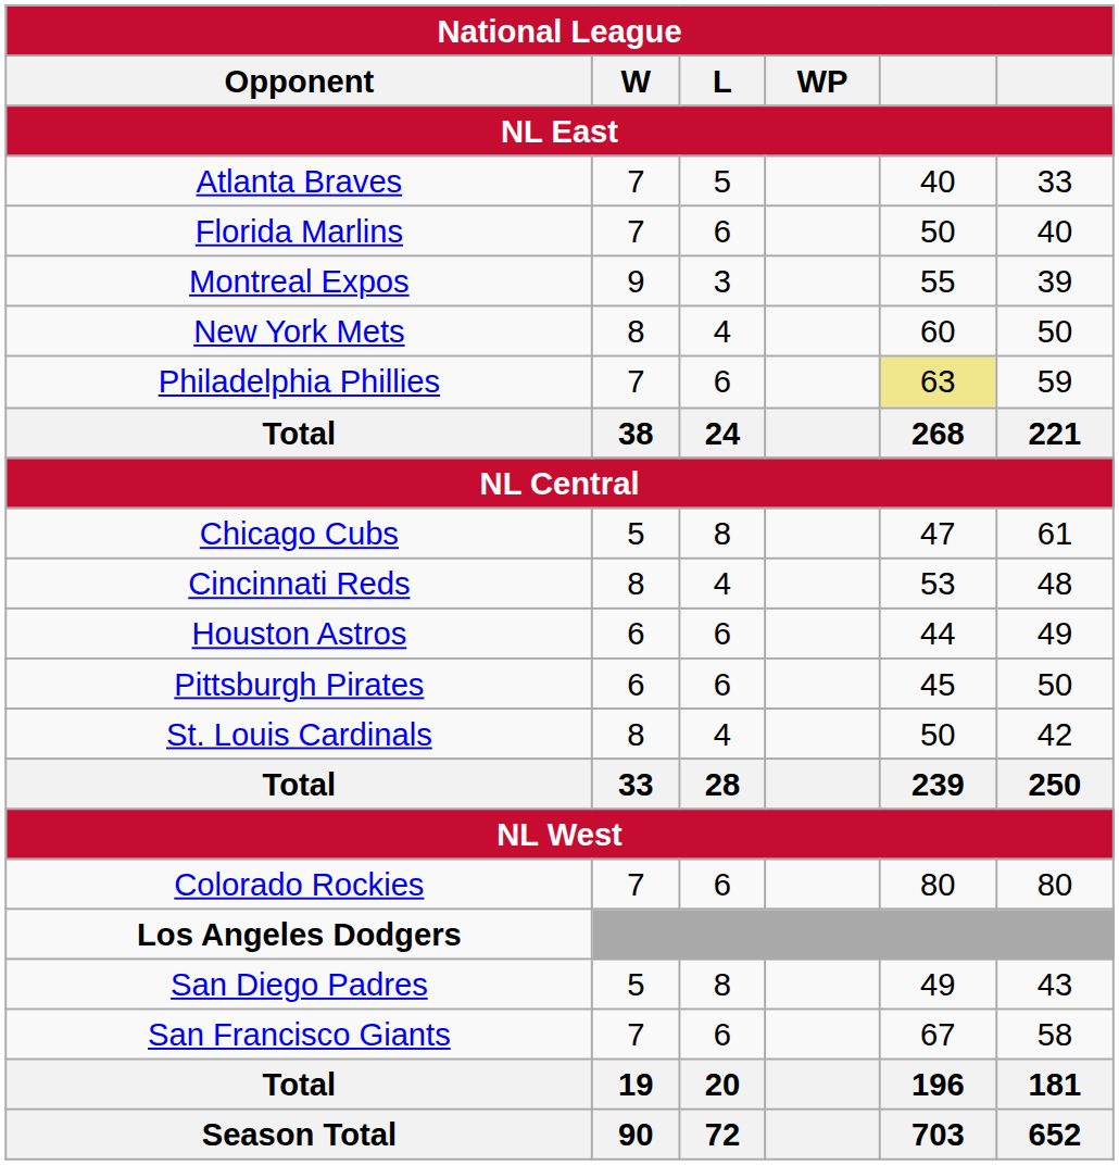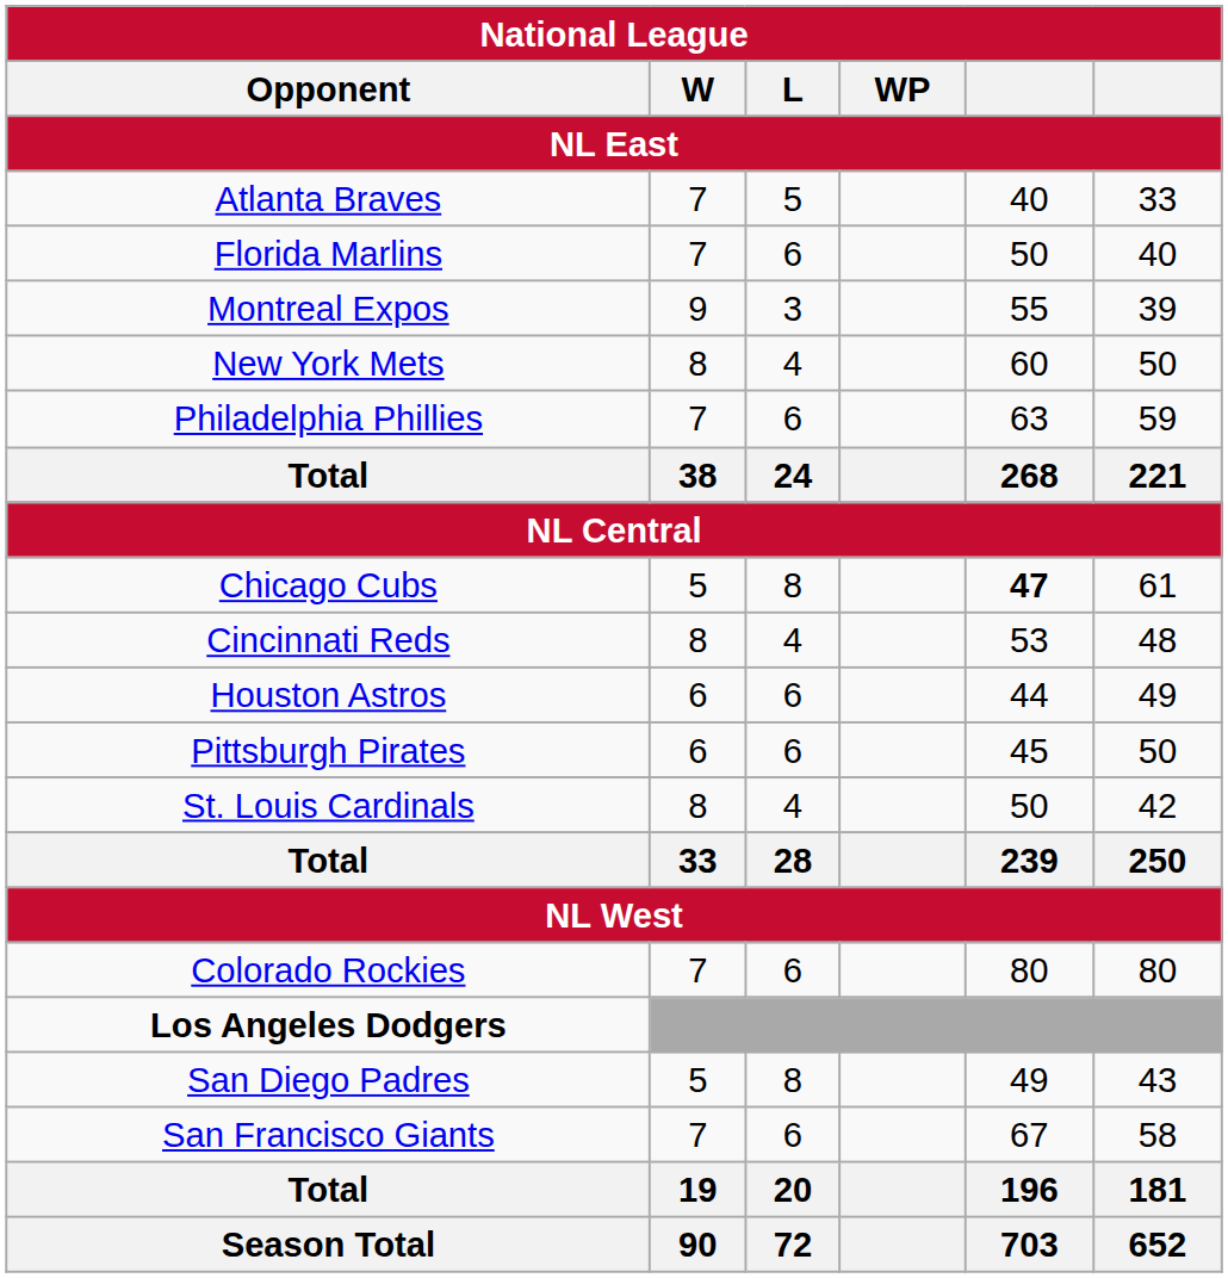 <table class="wikitable" style="margin:1em auto; font-size:95%; text-align:center; width:35em;">
 <tr>
 <th colspan="7" style="background:#c60c30; color:#ffffff;">National League</th>
 </tr>
 <tr>
 <th>Opponent</th>
 <th>W</th>
 <th>L</th>
 <th>WP</th>
 <th></th>
 <th></th>
 </tr>
 <tr>
 <th colspan="7" style="background:#c60c30; color:#ffffff;">NL East</th>
 </tr>
 <tr>
 <td><a href='#'>Atlanta Braves</a></td>
 <td>7</td>
 <td>5</td>
 <td></td>
 <td>40</td>
 <td>33</td>
 </tr>
 <tr>
 <td><a href='#'>Florida Marlins</a></td>
 <td>7</td>
 <td>6</td>
 <td></td>
 <td>50</td>
 <td>40</td>
 </tr>
 <tr>
 <td><a href='#'>Montreal Expos</a></td>
 <td>9</td>
 <td>3</td>
 <td></td>
 <td>55</td>
 <td>39</td>
 </tr>
 <tr>
 <td><a href='#'>New York Mets</a></td>
 <td>8</td>
 <td>4</td>
 <td></td>
 <td>60</td>
 <td>50</td>
 </tr>
 <tr>
 <td><a href='#'>Philadelphia Phillies</a></td>
 <td>7</td>
 <td>6</td>
 <td></td>
-<td style="background: khaki;">63</td>
+<td>63</td>
 <td>59</td>
 </tr>
 <tr>
 <th>Total</th>
 <th>38</th>
 <th>24</th>
 <th></th>
 <th>268</th>
 <th>221</th>
 </tr>
 <tr>
 <th colspan="7" style="background:#c60c30; color:#ffffff;">NL Central</th>
 </tr>
 <tr>
 <td><a href='#'>Chicago Cubs</a></td>
 <td>5</td>
 <td>8</td>
 <td></td>
-<td>47</td>
+<td><strong>47</strong></td>
 <td>61</td>
 </tr>
 <tr>
 <td><a href='#'>Cincinnati Reds</a></td>
 <td>8</td>
 <td>4</td>
 <td></td>
 <td>53</td>
 <td>48</td>
 </tr>
 <tr>
 <td><a href='#'>Houston Astros</a></td>
 <td>6</td>
 <td>6</td>
 <td></td>
 <td>44</td>
 <td>49</td>
 </tr>
 <tr>
 <td><a href='#'>Pittsburgh Pirates</a></td>
 <td>6</td>
 <td>6</td>
 <td></td>
 <td>45</td>
 <td>50</td>
 </tr>
 <tr>
 <td><a href='#'>St. Louis Cardinals</a></td>
 <td>8</td>
 <td>4</td>
 <td></td>
 <td>50</td>
 <td>42</td>
 </tr>
 <tr>
 <th>Total</th>
 <th>33</th>
 <th>28</th>
 <th></th>
 <th>239</th>
 <th>250</th>
 </tr>
 <tr>
 <th colspan="7" style="background:#c60c30; color:#ffffff;">NL West</th>
 </tr>
 <tr>
 <td><a href='#'>Colorado Rockies</a></td>
 <td>7</td>
 <td>6</td>
 <td></td>
 <td>80</td>
 <td>80</td>
 </tr>
 <tr>
 <td><strong>Los Angeles Dodgers</strong></td>
 <td colspan=5 style="background:darkgray;"></td>
 </tr>
 <tr>
 <td><a href='#'>San Diego Padres</a></td>
 <td>5</td>
 <td>8</td>
 <td></td>
 <td>49</td>
 <td>43</td>
 </tr>
 <tr>
 <td><a href='#'>San Francisco Giants</a></td>
 <td>7</td>
 <td>6</td>
 <td></td>
 <td>67</td>
 <td>58</td>
 </tr>
 <tr>
 <th>Total</th>
 <th>19</th>
 <th>20</th>
 <th></th>
 <th>196</th>
 <th>181</th>
 </tr>
 <tr>
 <th>Season Total</th>
 <th>90</th>
 <th>72</th>
 <th></th>
 <th>703</th>
 <th>652</th>
 </tr>
 </table>
